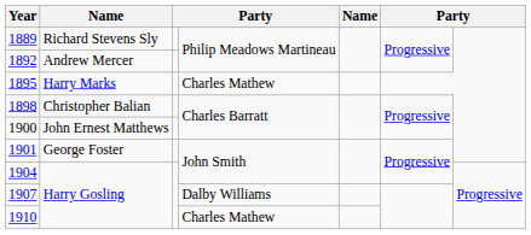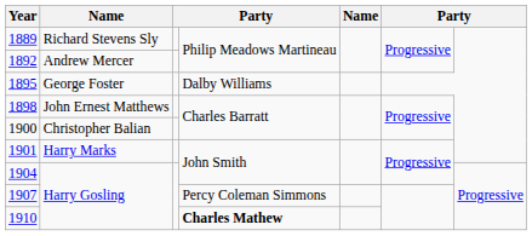 <table class="wikitable">
 <tr>
 <th>Year</th>
 <th>Name</th>
 <th colspan=2>Party</th>
 <th>Name</th>
 <th colspan=2>Party</th>
 </tr>
 <tr>
 <td><a href='#'>1889</a></td>
 <td>Richard Stevens Sly</td>
 <td></td>
 <td rowspan=2>Philip Meadows Martineau</td>
 <td rowspan=2 style="background-color: "></td>
 <td rowspan=2><a href='#'>Progressive</a></td>
 </tr>
 <tr>
 <td><a href='#'>1892</a></td>
 <td>Andrew Mercer</td>
 <td></td>
 </tr>
 <tr>
 <td><a href='#'>1895</a></td>
-<td><a href='#'>Harry Marks</a></td>
+<td>George Foster</td>
 <td></td>
-<td>Charles Mathew</td>
+<td>Dalby Williams</td>
 <td></td>
 </tr>
 <tr>
 <td><a href='#'>1898</a></td>
-<td>Christopher Balian</td>
+<td>John Ernest Matthews</td>
 <td></td>
 <td rowspan=2>Charles Barratt</td>
 <td rowspan=2 style="background-color: "></td>
 <td rowspan=2><a href='#'>Progressive</a></td>
 </tr>
 <tr>
 <td>1900</td>
-<td>John Ernest Matthews</td>
+<td>Christopher Balian</td>
 <td></td>
 </tr>
 <tr>
 <td><a href='#'>1901</a></td>
-<td>George Foster</td>
+<td><a href='#'>Harry Marks</a></td>
 <td></td>
 <td rowspan=2>John Smith</td>
 <td rowspan=2 style="background-color: "></td>
 <td rowspan=2><a href='#'>Progressive</a></td>
 </tr>
 <tr>
 <td><a href='#'>1904</a></td>
 <td rowspan=3><a href='#'>Harry Gosling</a></td>
 <td rowspan=3 style="background-color: "></td>
 <td rowspan=3><a href='#'>Progressive</a></td>
 </tr>
 <tr>
 <td><a href='#'>1907</a></td>
-<td>Dalby Williams</td>
+<td>Percy Coleman Simmons</td>
 <td></td>
 </tr>
 <tr>
 <td><a href='#'>1910</a></td>
-<td>Charles Mathew</td>
+<td><strong>Charles Mathew</strong></td>
 <td></td>
 </tr>
 </table>
